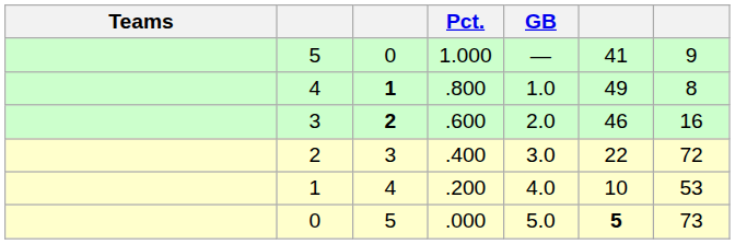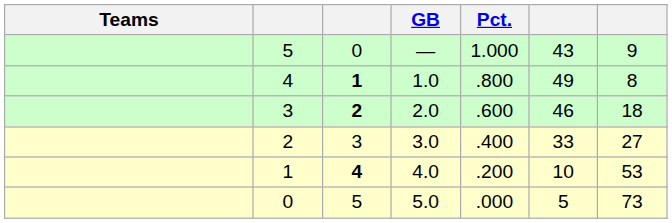 <table class="wikitable" style="text-align:center;">
 <tr>
 <th width=200px>Teams</th>
 <th width=50px></th>
 <th width=50px></th>
+<th width=50px><a href='#'>GB</a></th>
 <th width=50px><a href='#'>Pct.</a></th>
-<th width=50px><a href='#'>GB</a></th>
 <th width=50px></th>
 <th width=50px></th>
 </tr>
 <tr style="background-color:#ccffcc">
 <td align=left></td>
 <td>5</td>
 <td>0</td>
+<td>—</td>
 <td>1.000</td>
-<td>—</td>
-<td>41</td>
+<td>43</td>
 <td>9</td>
 </tr>
 <tr style="background-color:#ccffcc">
 <td align=left></td>
 <td>4</td>
 <td><strong>1</strong></td>
+<td>1.0</td>
 <td>.800</td>
-<td>1.0</td>
 <td>49</td>
 <td>8</td>
 </tr>
 <tr style="background-color:#ccffcc">
 <td align=left></td>
 <td>3</td>
 <td><strong>2</strong></td>
+<td>2.0</td>
 <td>.600</td>
-<td>2.0</td>
 <td>46</td>
-<td>16</td>
+<td>18</td>
 </tr>
 <tr style="background-color:#ffffcc">
 <td align=left></td>
 <td>2</td>
 <td>3</td>
+<td>3.0</td>
 <td>.400</td>
-<td>3.0</td>
-<td>22</td>
-<td>72</td>
+<td>33</td>
+<td>27</td>
 </tr>
 <tr style="background-color:#ffffcc">
 <td align=left></td>
 <td>1</td>
-<td>4</td>
+<td><strong>4</strong></td>
+<td>4.0</td>
 <td>.200</td>
-<td>4.0</td>
 <td>10</td>
 <td>53</td>
 </tr>
 <tr style="background-color:#ffffcc">
 <td align=left></td>
 <td>0</td>
 <td>5</td>
+<td>5.0</td>
 <td>.000</td>
-<td>5.0</td>
-<td><strong>5</strong></td>
+<td>5</td>
 <td>73</td>
 </tr>
 </table>
